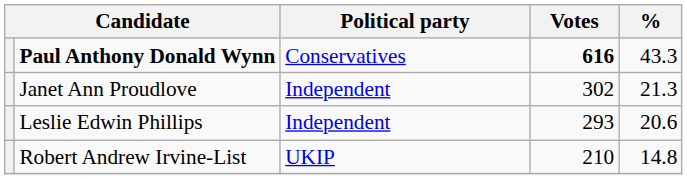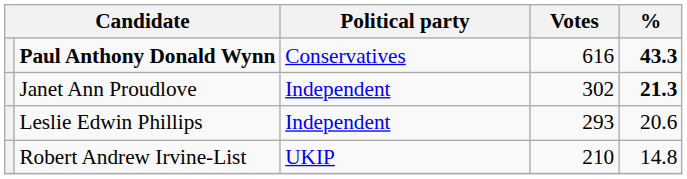 <table class="wikitable">
 <tr>
 <th valign=top colspan="2" style="width: 180px">Candidate</th>
 <th valign=top style="width: 180px">Political party</th>
 <th valign=top style="width: 60px">Votes</th>
 <th valign=top style="width: 40px">%</th>
 </tr>
 <tr>
 <th style="background-color: "></th>
 <td><strong>Paul Anthony Donald Wynn</strong></td>
 <td><a href='#'>Conservatives</a></td>
-<td align="right"><strong>616</strong></td>
-<td align="right">43.3</td>
+<td align="right">616</td>
+<td align="right"><strong>43.3</strong></td>
 </tr>
 <tr>
 <th style="background-color: "></th>
 <td>Janet Ann Proudlove</td>
 <td><a href='#'>Independent</a></td>
 <td align="right">302</td>
-<td align="right">21.3</td>
+<td align="right"><strong>21.3</strong></td>
 </tr>
 <tr>
 <th style="background-color: "></th>
 <td>Leslie Edwin Phillips</td>
 <td><a href='#'>Independent</a></td>
 <td align="right">293</td>
 <td align="right">20.6</td>
 </tr>
 <tr>
 <th style="background-color: "></th>
 <td>Robert Andrew Irvine-List</td>
 <td><a href='#'>UKIP</a></td>
 <td align="right">210</td>
 <td align="right">14.8</td>
 </tr>
 <tr>
 </tr>
 </table>
